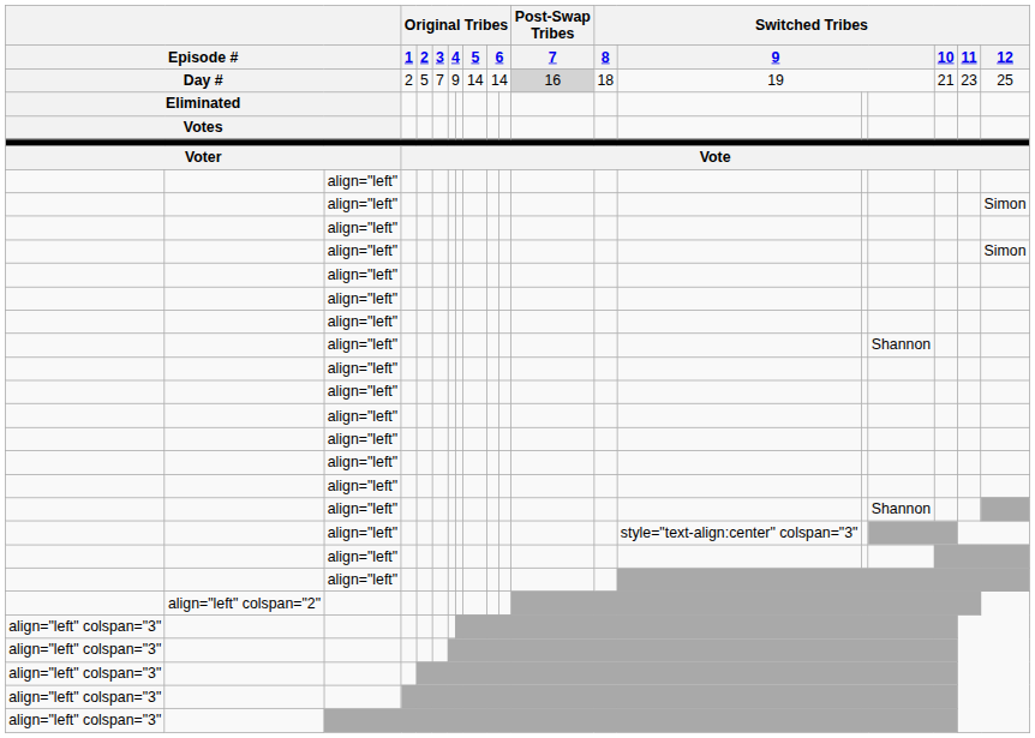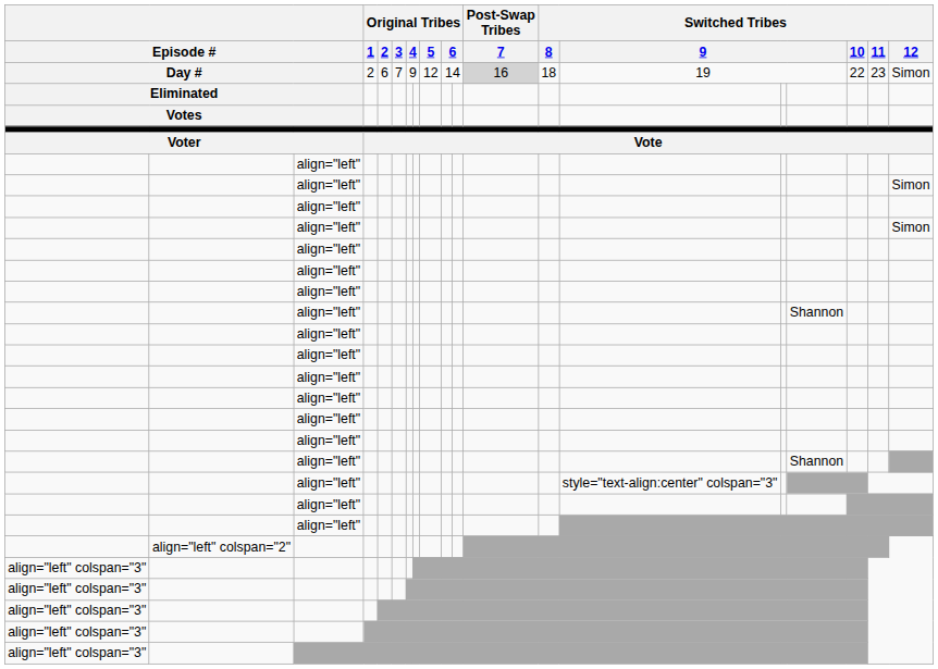 <table class="wikitable nowrap" style="text-align:center">
 <tr>
 <th colspan="3"></th>
 <th colspan="8">Original Tribes</th>
 <th colspan="1">Post-Swap<br>Tribes</th>
 <th colspan="7">Switched Tribes</th>
 </tr>
 <tr>
 <th colspan="3">Episode #</th>
 <th><a href='#'>1</a></th>
 <th><a href='#'>2</a></th>
 <th><a href='#'>3</a></th>
 <th colspan="2"><a href='#'>4</a></th>
 <th><a href='#'>5</a></th>
 <th colspan="2"><a href='#'>6</a></th>
 <th><a href='#'>7</a></th>
 <th><a href='#'>8</a></th>
 <th colspan="3"><a href='#'>9</a></th>
 <th><a href='#'>10</a></th>
 <th><a href='#'>11</a></th>
 <th><a href='#'>12</a></th>
 </tr>
 <tr>
 <th colspan="3">Day #</th>
 <td>2</td>
-<td>5</td>
+<td>6</td>
 <td>7</td>
 <td colspan="2">9</td>
-<td>14</td>
+<td>12</td>
 <td colspan="2">14</td>
 <td style="background: lightgrey;">16</td>
 <td>18</td>
 <td colspan="3">19</td>
-<td>21</td>
+<td>22</td>
 <td>23</td>
-<td>25</td>
+<td><span>Simon</span></td>
 </tr>
 <tr>
 <th colspan="3">Eliminated</th>
 <td></td>
 <td></td>
 <td></td>
 <td></td>
 <td></td>
 <td></td>
 <td></td>
 <td></td>
 <td></td>
 <td></td>
 <td></td>
 <td></td>
 <td></td>
 <td></td>
 <td></td>
 <td></td>
 </tr>
 <tr>
 <th colspan="3">Votes</th>
 <td></td>
 <td></td>
 <td></td>
 <td></td>
 <td></td>
 <td></td>
 <td></td>
 <td></td>
 <td></td>
 <td></td>
 <td></td>
 <td></td>
 <td></td>
 <td></td>
 <td></td>
 <td></td>
 </tr>
 <tr>
 <td colspan="19" style="background:black"></td>
 </tr>
 <tr>
 <th colspan="3">Voter</th>
 <th colspan="16">Vote</th>
 </tr>
 <tr>
 <td></td>
 <td></td>
 <td>align="left"  </td>
 <td></td>
 <td></td>
 <td></td>
 <td></td>
 <td></td>
 <td></td>
 <td></td>
 <td></td>
 <td></td>
 <td></td>
 <td></td>
 <td></td>
 <td></td>
 <td></td>
 <td></td>
 <td></td>
 </tr>
 <tr>
 <td></td>
 <td></td>
 <td>align="left" </td>
 <td></td>
 <td></td>
 <td></td>
 <td></td>
 <td></td>
 <td></td>
 <td></td>
 <td></td>
 <td></td>
 <td></td>
 <td></td>
 <td></td>
 <td></td>
 <td></td>
 <td></td>
 <td><span>Simon</span></td>
 </tr>
 <tr>
 <td></td>
 <td></td>
 <td>align="left" </td>
 <td></td>
 <td></td>
 <td></td>
 <td></td>
 <td></td>
 <td></td>
 <td></td>
 <td></td>
 <td></td>
 <td></td>
 <td></td>
 <td></td>
 <td></td>
 <td></td>
 <td></td>
 <td></td>
 </tr>
 <tr>
 <td></td>
 <td></td>
 <td>align="left" </td>
 <td></td>
 <td></td>
 <td></td>
 <td></td>
 <td></td>
 <td></td>
 <td></td>
 <td></td>
 <td></td>
 <td></td>
 <td></td>
 <td></td>
 <td></td>
 <td></td>
 <td></td>
 <td><span>Simon</span></td>
 </tr>
 <tr>
 <td></td>
 <td></td>
 <td>align="left"  </td>
 <td></td>
 <td></td>
 <td></td>
 <td></td>
 <td></td>
 <td></td>
 <td></td>
 <td></td>
 <td></td>
 <td></td>
 <td></td>
 <td></td>
 <td></td>
 <td></td>
 <td></td>
 <td></td>
 </tr>
 <tr>
 <td></td>
 <td></td>
 <td>align="left" </td>
 <td></td>
 <td></td>
 <td></td>
 <td></td>
 <td></td>
 <td></td>
 <td></td>
 <td></td>
 <td></td>
 <td></td>
 <td></td>
 <td></td>
 <td></td>
 <td></td>
 <td></td>
 <td></td>
 </tr>
 <tr>
 <td></td>
 <td></td>
 <td>align="left" </td>
 <td></td>
 <td></td>
 <td></td>
 <td></td>
 <td></td>
 <td></td>
 <td></td>
 <td></td>
 <td></td>
 <td></td>
 <td></td>
 <td></td>
 <td></td>
 <td></td>
 <td></td>
 <td></td>
 </tr>
 <tr>
 <td></td>
 <td></td>
 <td>align="left"  </td>
 <td></td>
 <td></td>
 <td></td>
 <td></td>
 <td></td>
 <td></td>
 <td></td>
 <td></td>
 <td></td>
 <td></td>
 <td></td>
 <td></td>
 <td><span>Shannon</span></td>
 <td></td>
 <td></td>
 <td></td>
 </tr>
 <tr>
 <td></td>
 <td></td>
 <td>align="left" </td>
 <td></td>
 <td></td>
 <td></td>
 <td></td>
 <td></td>
 <td></td>
 <td></td>
 <td></td>
 <td></td>
 <td></td>
 <td></td>
 <td></td>
 <td></td>
 <td></td>
 <td></td>
 <td></td>
 </tr>
 <tr>
 <td></td>
 <td></td>
 <td>align="left"  </td>
 <td></td>
 <td></td>
 <td></td>
 <td></td>
 <td></td>
 <td></td>
 <td></td>
 <td></td>
 <td></td>
 <td></td>
 <td></td>
 <td></td>
 <td></td>
 <td></td>
 <td></td>
 <td></td>
 </tr>
 <tr>
 <td></td>
 <td></td>
 <td>align="left"  </td>
 <td></td>
 <td></td>
 <td></td>
 <td></td>
 <td></td>
 <td></td>
 <td></td>
 <td></td>
 <td></td>
 <td></td>
 <td></td>
 <td></td>
 <td></td>
 <td></td>
 <td></td>
 <td></td>
 </tr>
 <tr>
 <td></td>
 <td></td>
 <td>align="left"  </td>
 <td></td>
 <td></td>
 <td></td>
 <td></td>
 <td></td>
 <td></td>
 <td></td>
 <td></td>
 <td></td>
 <td></td>
 <td></td>
 <td></td>
 <td></td>
 <td></td>
 <td></td>
 <td></td>
 </tr>
 <tr>
 <td></td>
 <td></td>
 <td>align="left"  </td>
 <td></td>
 <td></td>
 <td></td>
 <td></td>
 <td></td>
 <td></td>
 <td></td>
 <td></td>
 <td></td>
 <td></td>
 <td></td>
 <td></td>
 <td></td>
 <td></td>
 <td></td>
 <td></td>
 </tr>
 <tr>
 <td></td>
 <td></td>
 <td>align="left"  </td>
 <td></td>
 <td></td>
 <td></td>
 <td></td>
 <td></td>
 <td></td>
 <td></td>
 <td></td>
 <td></td>
 <td></td>
 <td></td>
 <td></td>
 <td></td>
 <td></td>
 <td></td>
 <td></td>
 </tr>
 <tr>
 <td></td>
 <td></td>
 <td>align="left"  </td>
 <td></td>
 <td></td>
 <td></td>
 <td></td>
 <td></td>
 <td></td>
 <td></td>
 <td></td>
 <td></td>
 <td></td>
 <td></td>
 <td></td>
 <td><span>Shannon</span></td>
 <td></td>
 <td></td>
 <td colspan="1" style="background:darkgrey"></td>
 </tr>
 <tr>
 <td></td>
 <td></td>
 <td>align="left"  </td>
 <td></td>
 <td></td>
 <td></td>
 <td></td>
 <td></td>
 <td></td>
 <td></td>
 <td></td>
 <td></td>
 <td></td>
 <td>style="text-align:center" colspan="3" </td>
 <td></td>
 <td colspan="2" style="background:darkgrey"></td>
 </tr>
 <tr>
 <td></td>
 <td></td>
 <td>align="left"  </td>
 <td></td>
 <td></td>
 <td></td>
 <td></td>
 <td></td>
 <td></td>
 <td></td>
 <td></td>
 <td></td>
 <td></td>
 <td></td>
 <td></td>
 <td></td>
 <td colspan="3" style="background:darkgrey"></td>
 </tr>
 <tr>
 <td></td>
 <td></td>
 <td>align="left"  </td>
 <td></td>
 <td></td>
 <td></td>
 <td></td>
 <td></td>
 <td></td>
 <td></td>
 <td></td>
 <td></td>
 <td></td>
 <td colspan="6" style="background:darkgrey"></td>
 </tr>
 <tr>
 <td></td>
 <td>align="left"  colspan="2" </td>
 <td></td>
 <td></td>
 <td></td>
 <td></td>
 <td></td>
 <td></td>
 <td></td>
 <td></td>
 <td></td>
 <td colspan="7" style="background:darkgrey"></td>
 </tr>
 <tr>
 <td>align="left" colspan="3" </td>
 <td></td>
 <td></td>
 <td></td>
 <td></td>
 <td></td>
 <td></td>
 <td colspan="10" style="background:darkgrey"></td>
 </tr>
 <tr>
 <td>align="left"  colspan="3" </td>
 <td></td>
 <td></td>
 <td></td>
 <td></td>
 <td></td>
 <td colspan="11" style="background:darkgrey"></td>
 </tr>
 <tr>
 <td>align="left"  colspan="3" </td>
 <td></td>
 <td></td>
 <td></td>
 <td colspan="13" style="background:darkgrey"></td>
 </tr>
 <tr>
 <td>align="left"  colspan="3" </td>
 <td></td>
 <td></td>
 <td colspan="14" style="background:darkgrey"></td>
 </tr>
 <tr>
 <td>align="left"  colspan="3" </td>
 <td></td>
 <td colspan="15" style="background:darkgrey"></td>
 </tr>
 </table>
